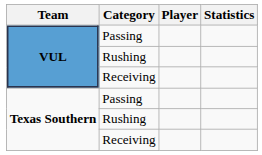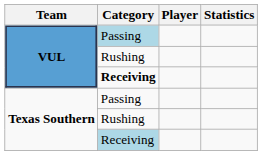 <table class="wikitable" style="float: right;">
 <tr>
 <th>Team</th>
 <th>Category</th>
 <th>Player</th>
 <th>Statistics</th>
 </tr>
 <tr>
 <td rowspan=3 style="background-color:#579FD3;color:#000000;box-shadow: inset 2px 2px 0 #2A344E, inset -2px -2px 0 #2A344E; text-align:center;"><strong>VUL</strong></td>
-<td>Passing</td>
+<td style="background: lightblue;">Passing</td>
 <td></td>
 <td></td>
 </tr>
 <tr>
 <td>Rushing</td>
 <td></td>
 <td></td>
 </tr>
 <tr>
-<td>Receiving</td>
+<td><strong>Receiving</strong></td>
 <td></td>
 <td></td>
 </tr>
 <tr>
 <td rowspan=3><strong>Texas Southern</strong></td>
 <td>Passing</td>
 <td></td>
 <td></td>
 </tr>
 <tr>
 <td>Rushing</td>
 <td></td>
 <td></td>
 </tr>
 <tr>
-<td>Receiving</td>
+<td style="background: lightblue;">Receiving</td>
 <td></td>
 <td></td>
 </tr>
 </table>
